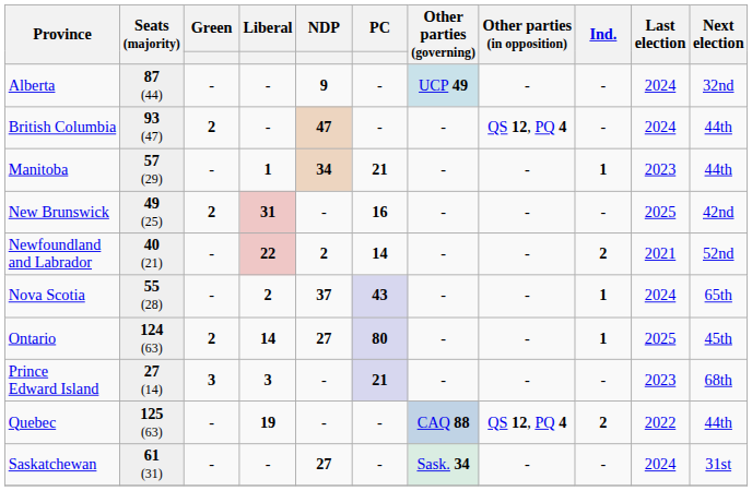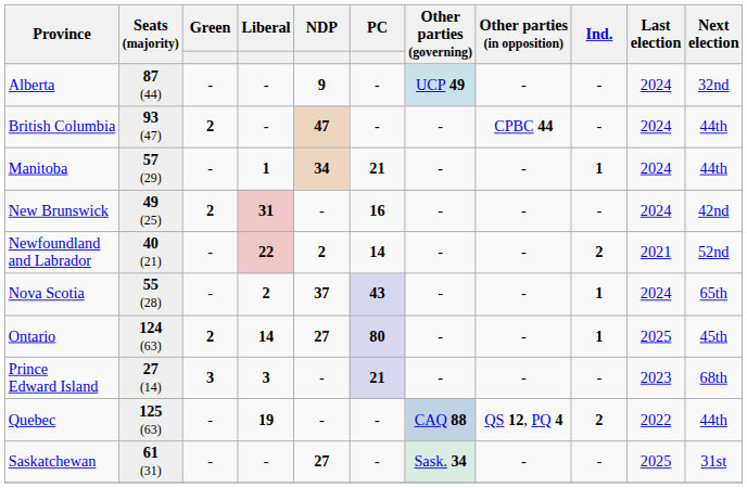 <table class="wikitable sortable" style="text-align: center">
 <tr>
 <th rowspan="2">Province</th>
 <th rowspan="2">Seats<br><small>(majority)</small></th>
 <th width=50px>Green</th>
 <th width=50px>Liberal</th>
 <th width="50px">NDP</th>
 <th width=50px>PC</th>
 <th width=50px rowspan="2">Other parties<br><small>(governing)</small></th>
 <th rowspan="2">Other parties<br><small> (in opposition)</small></th>
 <th width=50px rowspan="2"><a href='#'>Ind.</a></th>
 <th rowspan="2">Last<br>election</th>
 <th rowspan="2">Next<br>election</th>
 </tr>
 <tr>
 <th style="background:"></th>
 <th style="background:"></th>
 <th style="background:"></th>
 <th style="background:"></th>
 </tr>
 <tr>
 <td style="text-align:left"><a href='#'>Alberta</a></td>
 <td style="background:#efefef"><strong>87</strong><br><small>(44)</small></td>
 <td>-</td>
 <td>-</td>
 <td><strong>9</strong></td>
 <td>-</td>
 <td style="background:#c9e2ea"><a href='#'>UCP</a> <strong>49</strong></td>
 <td>-</td>
 <td>-</td>
 <td><a href='#'>2024</a></td>
 <td><a href='#'>32nd</a></td>
 </tr>
 <tr>
 <td style="text-align:left"><a href='#'>British Columbia</a></td>
 <td style="background:#efefef"><strong>93</strong><br><small>(47)</small></td>
 <td><strong>2</strong></td>
 <td>-</td>
 <td style="background:#edd5c0"><strong>47</strong></td>
 <td>-</td>
 <td>-</td>
-<td><a href='#'>QS</a> <strong>12</strong>, <a href='#'>PQ</a> <strong>4</strong><br></td>
+<td><a href='#'>CPBC</a> <strong>44</strong></td>
 <td>-</td>
 <td><a href='#'>2024</a></td>
 <td><a href='#'>44th</a></td>
 </tr>
 <tr>
 <td style="text-align:left"><a href='#'>Manitoba</a></td>
 <td style="background:#efefef"><strong>57</strong><br><small>(29)</small></td>
 <td>-</td>
 <td><strong>1</strong></td>
 <td style="background:#edd5c0"><strong>34</strong></td>
 <td><strong>21</strong></td>
 <td>-</td>
 <td>-</td>
 <td><strong>1</strong></td>
-<td><a href='#'>2023</a></td>
+<td><a href='#'>2024</a></td>
 <td><a href='#'>44th</a></td>
 </tr>
 <tr>
 <td style="text-align:left"><a href='#'>New Brunswick</a></td>
 <td style="background:#efefef"><strong>49</strong><br><small>(25)</small></td>
 <td><strong>2</strong></td>
 <td style="background:#efc7c6"><strong>31</strong></td>
 <td>-</td>
 <td><strong>16</strong></td>
 <td>-</td>
 <td>-</td>
 <td>-</td>
-<td><a href='#'>2025</a></td>
+<td><a href='#'>2024</a></td>
 <td><a href='#'>42nd</a></td>
 </tr>
 <tr>
 <td style="text-align:left"><a href='#'>Newfoundland<br>and Labrador</a></td>
 <td style="background:#efefef"><strong>40</strong><br><small>(21)</small></td>
 <td>-</td>
 <td style="background:#efc7c6"><strong>22</strong></td>
 <td><strong>2</strong></td>
 <td><strong>14</strong></td>
 <td>-</td>
 <td>-</td>
 <td><strong>2</strong></td>
 <td><a href='#'>2021</a></td>
 <td><a href='#'>52nd</a></td>
 </tr>
 <tr>
 <td style="text-align:left"><a href='#'>Nova Scotia</a></td>
 <td style="background:#efefef"><strong>55</strong><br><small>(28)</small></td>
 <td>-</td>
 <td><strong>2</strong></td>
 <td><strong>37</strong></td>
 <td style="background:#d7d7ef"><strong>43</strong></td>
 <td>-</td>
 <td>-</td>
 <td><strong>1</strong></td>
 <td><a href='#'>2024</a></td>
 <td><a href='#'>65th</a></td>
 </tr>
 <tr>
 <td style="text-align:left"><a href='#'>Ontario</a></td>
 <td style="background:#efefef"><strong>124</strong><br><small>(63)</small></td>
 <td><strong>2</strong></td>
 <td><strong>14</strong></td>
 <td><strong>27</strong></td>
 <td style="background:#d7d7ef"><strong>80</strong></td>
 <td>-</td>
 <td>-</td>
 <td><strong>1</strong></td>
 <td><a href='#'>2025</a></td>
 <td><a href='#'>45th</a></td>
 </tr>
 <tr>
 <td style="text-align:left"><a href='#'>Prince<br>Edward Island</a></td>
 <td style="background:#efefef"><strong>27</strong><br><small>(14)</small></td>
 <td><strong>3</strong></td>
 <td><strong>3</strong></td>
 <td>-</td>
 <td style="background:#d7d7ef"><strong>21</strong></td>
 <td>-</td>
 <td>-</td>
 <td>-</td>
 <td><a href='#'>2023</a></td>
 <td><a href='#'>68th</a></td>
 </tr>
 <tr>
 <td style="text-align:left"><a href='#'>Quebec</a></td>
 <td style="background:#efefef"><strong>125</strong><br><small>(63)</small></td>
 <td>-</td>
 <td><strong>19</strong></td>
 <td>-</td>
 <td>-</td>
 <td style="background:#c0d3e5"><a href='#'>CAQ</a> <strong>88</strong></td>
 <td><a href='#'>QS</a> <strong>12</strong>, <a href='#'>PQ</a> <strong>4</strong><br></td>
 <td><strong>2</strong></td>
 <td><a href='#'>2022</a></td>
 <td><a href='#'>44th</a></td>
 </tr>
 <tr>
 <td style="text-align:left"><a href='#'>Saskatchewan</a></td>
 <td style="background:#efefef"><strong>61</strong><br><small>(31)</small></td>
 <td>-</td>
 <td>-</td>
 <td><strong>27</strong></td>
 <td>-</td>
 <td style="background:#daede2"><a href='#'>Sask.</a> <strong>34</strong></td>
 <td>-</td>
 <td>-</td>
-<td><a href='#'>2024</a></td>
+<td><a href='#'>2025</a></td>
 <td><a href='#'>31st</a></td>
 </tr>
 <tr>
 </tr>
 </table>
